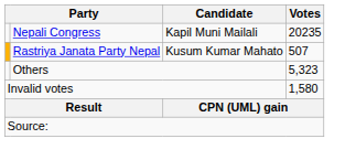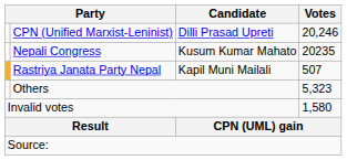 <table class="wikitable">
 <tr>
 <th colspan="2">Party</th>
 <th>Candidate</th>
 <th>Votes</th>
 </tr>
 <tr>
 <td style="background-color:"></td>
+<td><a href='#'>CPN (Unified Marxist-Leninist)</a></td>
+<td><a href='#'>Dilli Prasad Upreti</a></td>
+<td>20,246</td>
+</tr>
+<tr>
+<td style="background-color:"></td>
 <td><a href='#'>Nepali Congress</a></td>
-<td>Kapil Muni Mailali</td>
+<td>Kusum Kumar Mahato</td>
 <td>20235</td>
 </tr>
 <tr>
 <td style="background-color:#ffb300"></td>
 <td><a href='#'>Rastriya Janata Party Nepal</a></td>
-<td>Kusum Kumar Mahato</td>
+<td>Kapil Muni Mailali</td>
 <td>507</td>
 </tr>
 <tr>
 <td></td>
 <td colspan="2">Others</td>
 <td>5,323</td>
 </tr>
 <tr>
 <td colspan="3">Invalid votes</td>
 <td>1,580</td>
 </tr>
 <tr>
 <th colspan="2">Result</th>
 <th colspan="2">CPN (UML) gain</th>
 </tr>
 <tr>
 <td colspan="4">Source: </td>
 </tr>
 </table>
